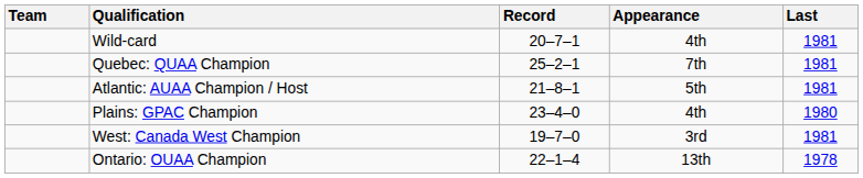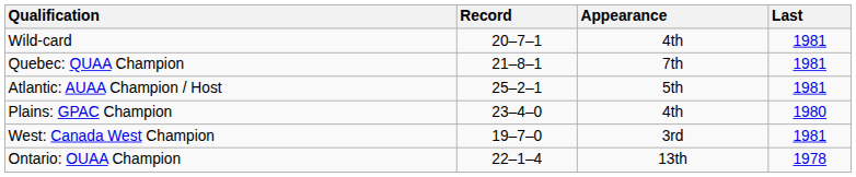 <table class="wikitable sortable" style="text-align: center;" width=900>
 <tr style="background:#efefef; text-align:center">
-<th style="text-align:left">Team</th>
 <th style="text-align:left">Qualification</th>
 <th style="text-align:left">Record</th>
 <th style="text-align:left">Appearance</th>
 <th style="text-align:left">Last</th>
 </tr>
 <tr style="text-align:center">
-<td style="text-align:left; "><a href='#'></a></td>
 <td style="text-align:left">Wild-card</td>
 <td style="text-align:center">20–7–1</td>
 <td style="text-align:center">4th</td>
 <td style="text-align:center"><a href='#'>1981</a></td>
 </tr>
 <tr style="text-align:center">
-<td style="text-align:left; "><a href='#'></a></td>
 <td style="text-align:left">Quebec: <a href='#'>QUAA</a> Champion</td>
-<td style="text-align:center">25–2–1</td>
+<td style="text-align:center">21–8–1</td>
 <td style="text-align:center">7th</td>
 <td style="text-align:center"><a href='#'>1981</a></td>
 </tr>
 <tr style="text-align:center">
-<td style="text-align:left; "><a href='#'></a></td>
 <td style="text-align:left">Atlantic: <a href='#'>AUAA</a> Champion / Host</td>
-<td style="text-align:center">21–8–1</td>
+<td style="text-align:center">25–2–1</td>
 <td style="text-align:center">5th</td>
 <td style="text-align:center"><a href='#'>1981</a></td>
 </tr>
 <tr style="text-align:center">
-<td style="text-align:left; "><a href='#'></a></td>
 <td style="text-align:left">Plains: <a href='#'>GPAC</a> Champion</td>
 <td style="text-align:center">23–4–0</td>
 <td style="text-align:center">4th</td>
 <td style="text-align:center"><a href='#'>1980</a></td>
 </tr>
 <tr style="text-align:center">
-<td style="text-align:left; "><a href='#'></a></td>
 <td style="text-align:left">West: <a href='#'>Canada West</a> Champion</td>
 <td style="text-align:center">19–7–0</td>
 <td style="text-align:center">3rd</td>
 <td style="text-align:center"><a href='#'>1981</a></td>
 </tr>
 <tr style="text-align:center">
-<td style="text-align:left; "><a href='#'></a></td>
 <td style="text-align:left">Ontario: <a href='#'>OUAA</a> Champion</td>
 <td style="text-align:center">22–1–4</td>
 <td style="text-align:center">13th</td>
 <td style="text-align:center"><a href='#'>1978</a></td>
 </tr>
 </table>
